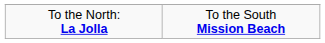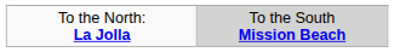 <table class="wikitable" style="margin: 0.5em auto; clear: both; font-size:95%;">
 <tr style="text-align: center;">
 </tr>
 <tr style="text-align: center;">
 <td width="30%" align="center" rowspan="1">To the North:<br><strong><a href='#'>La Jolla</a></strong><br></td>
-<td width="30%" align="center" rowspan="1">To the South<br><strong><a href='#'>Mission Beach</a></strong></td>
+<td width="30%" align="center" rowspan="1" style="background: lightgrey;">To the South<br><strong><a href='#'>Mission Beach</a></strong></td>
 </tr>
 </table>
